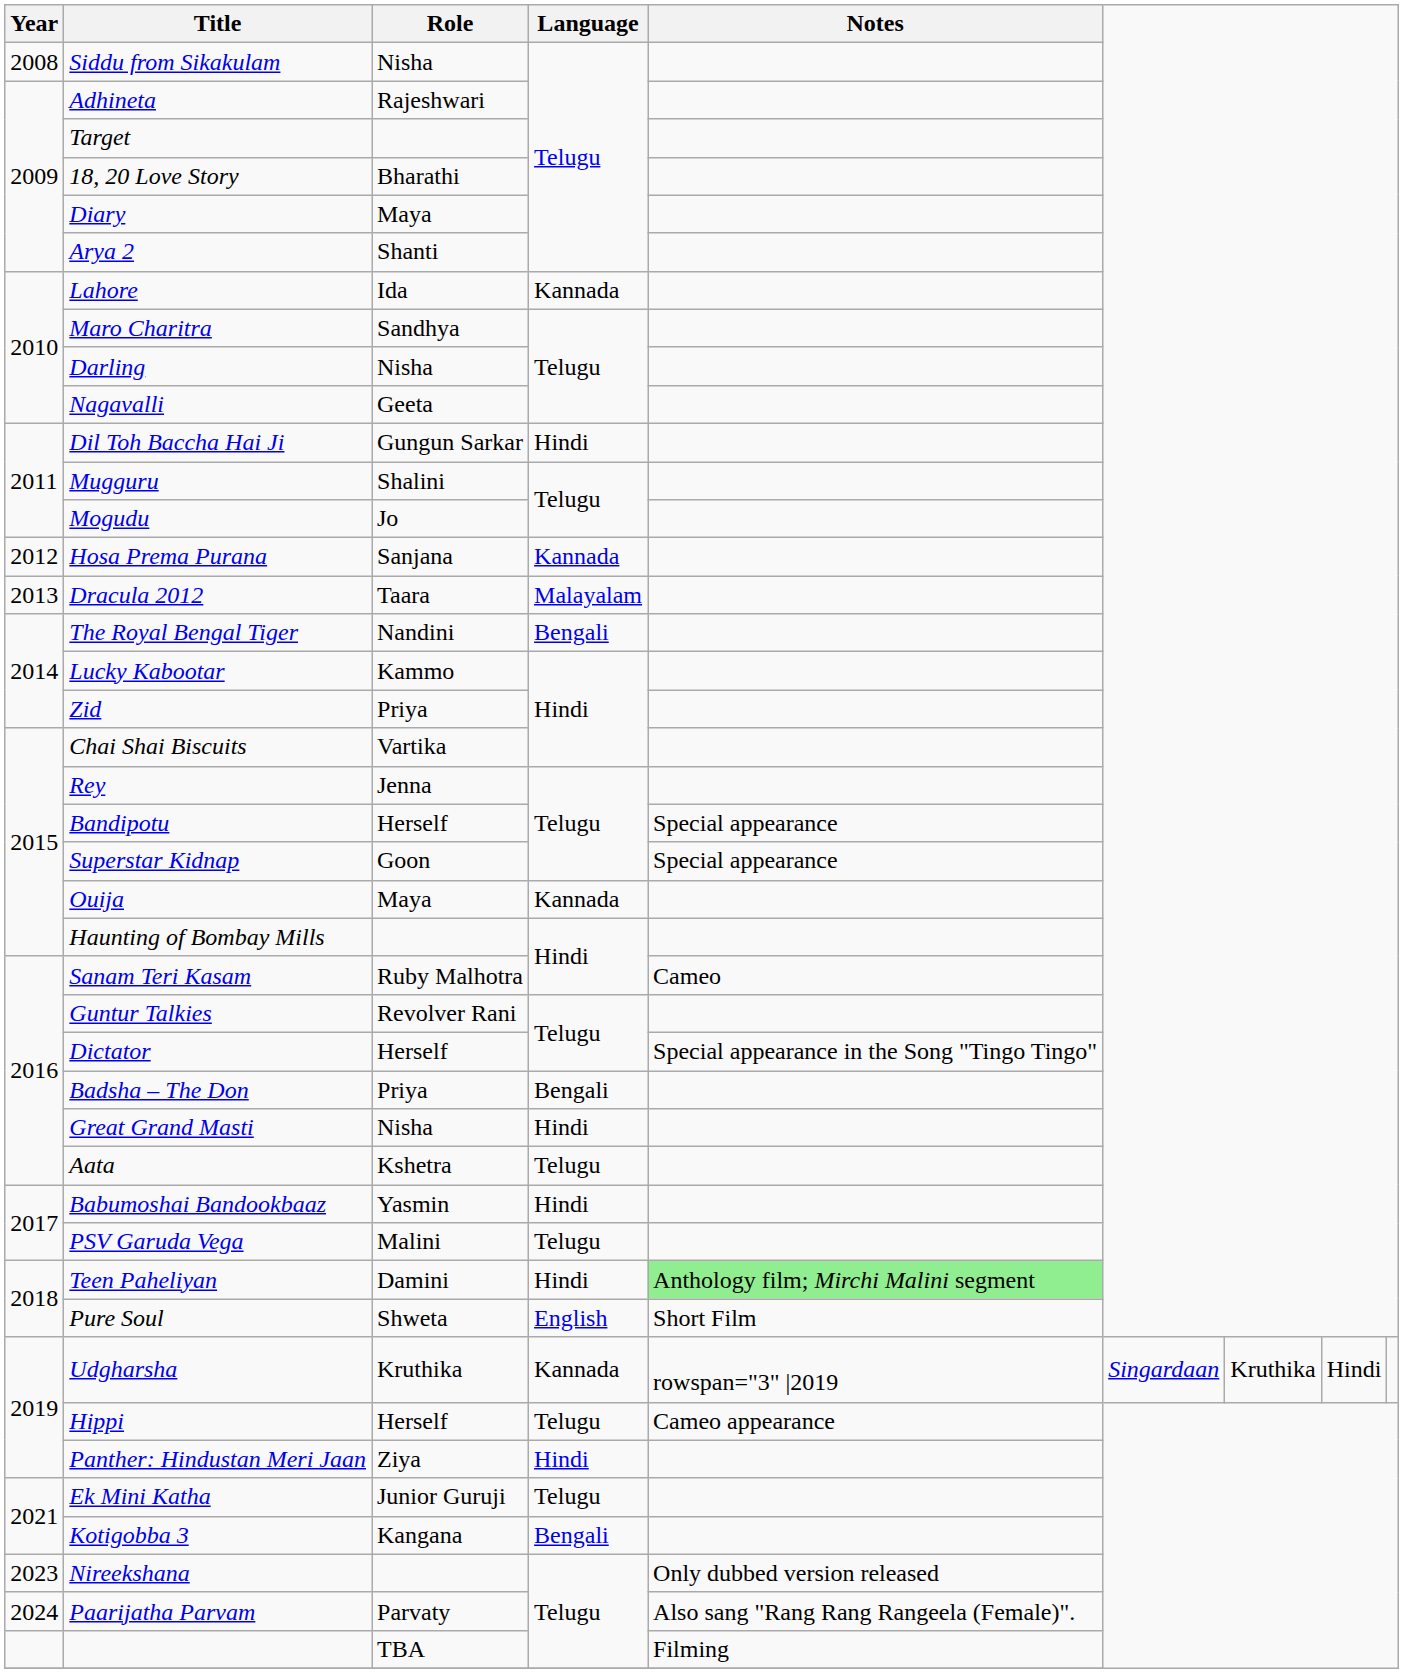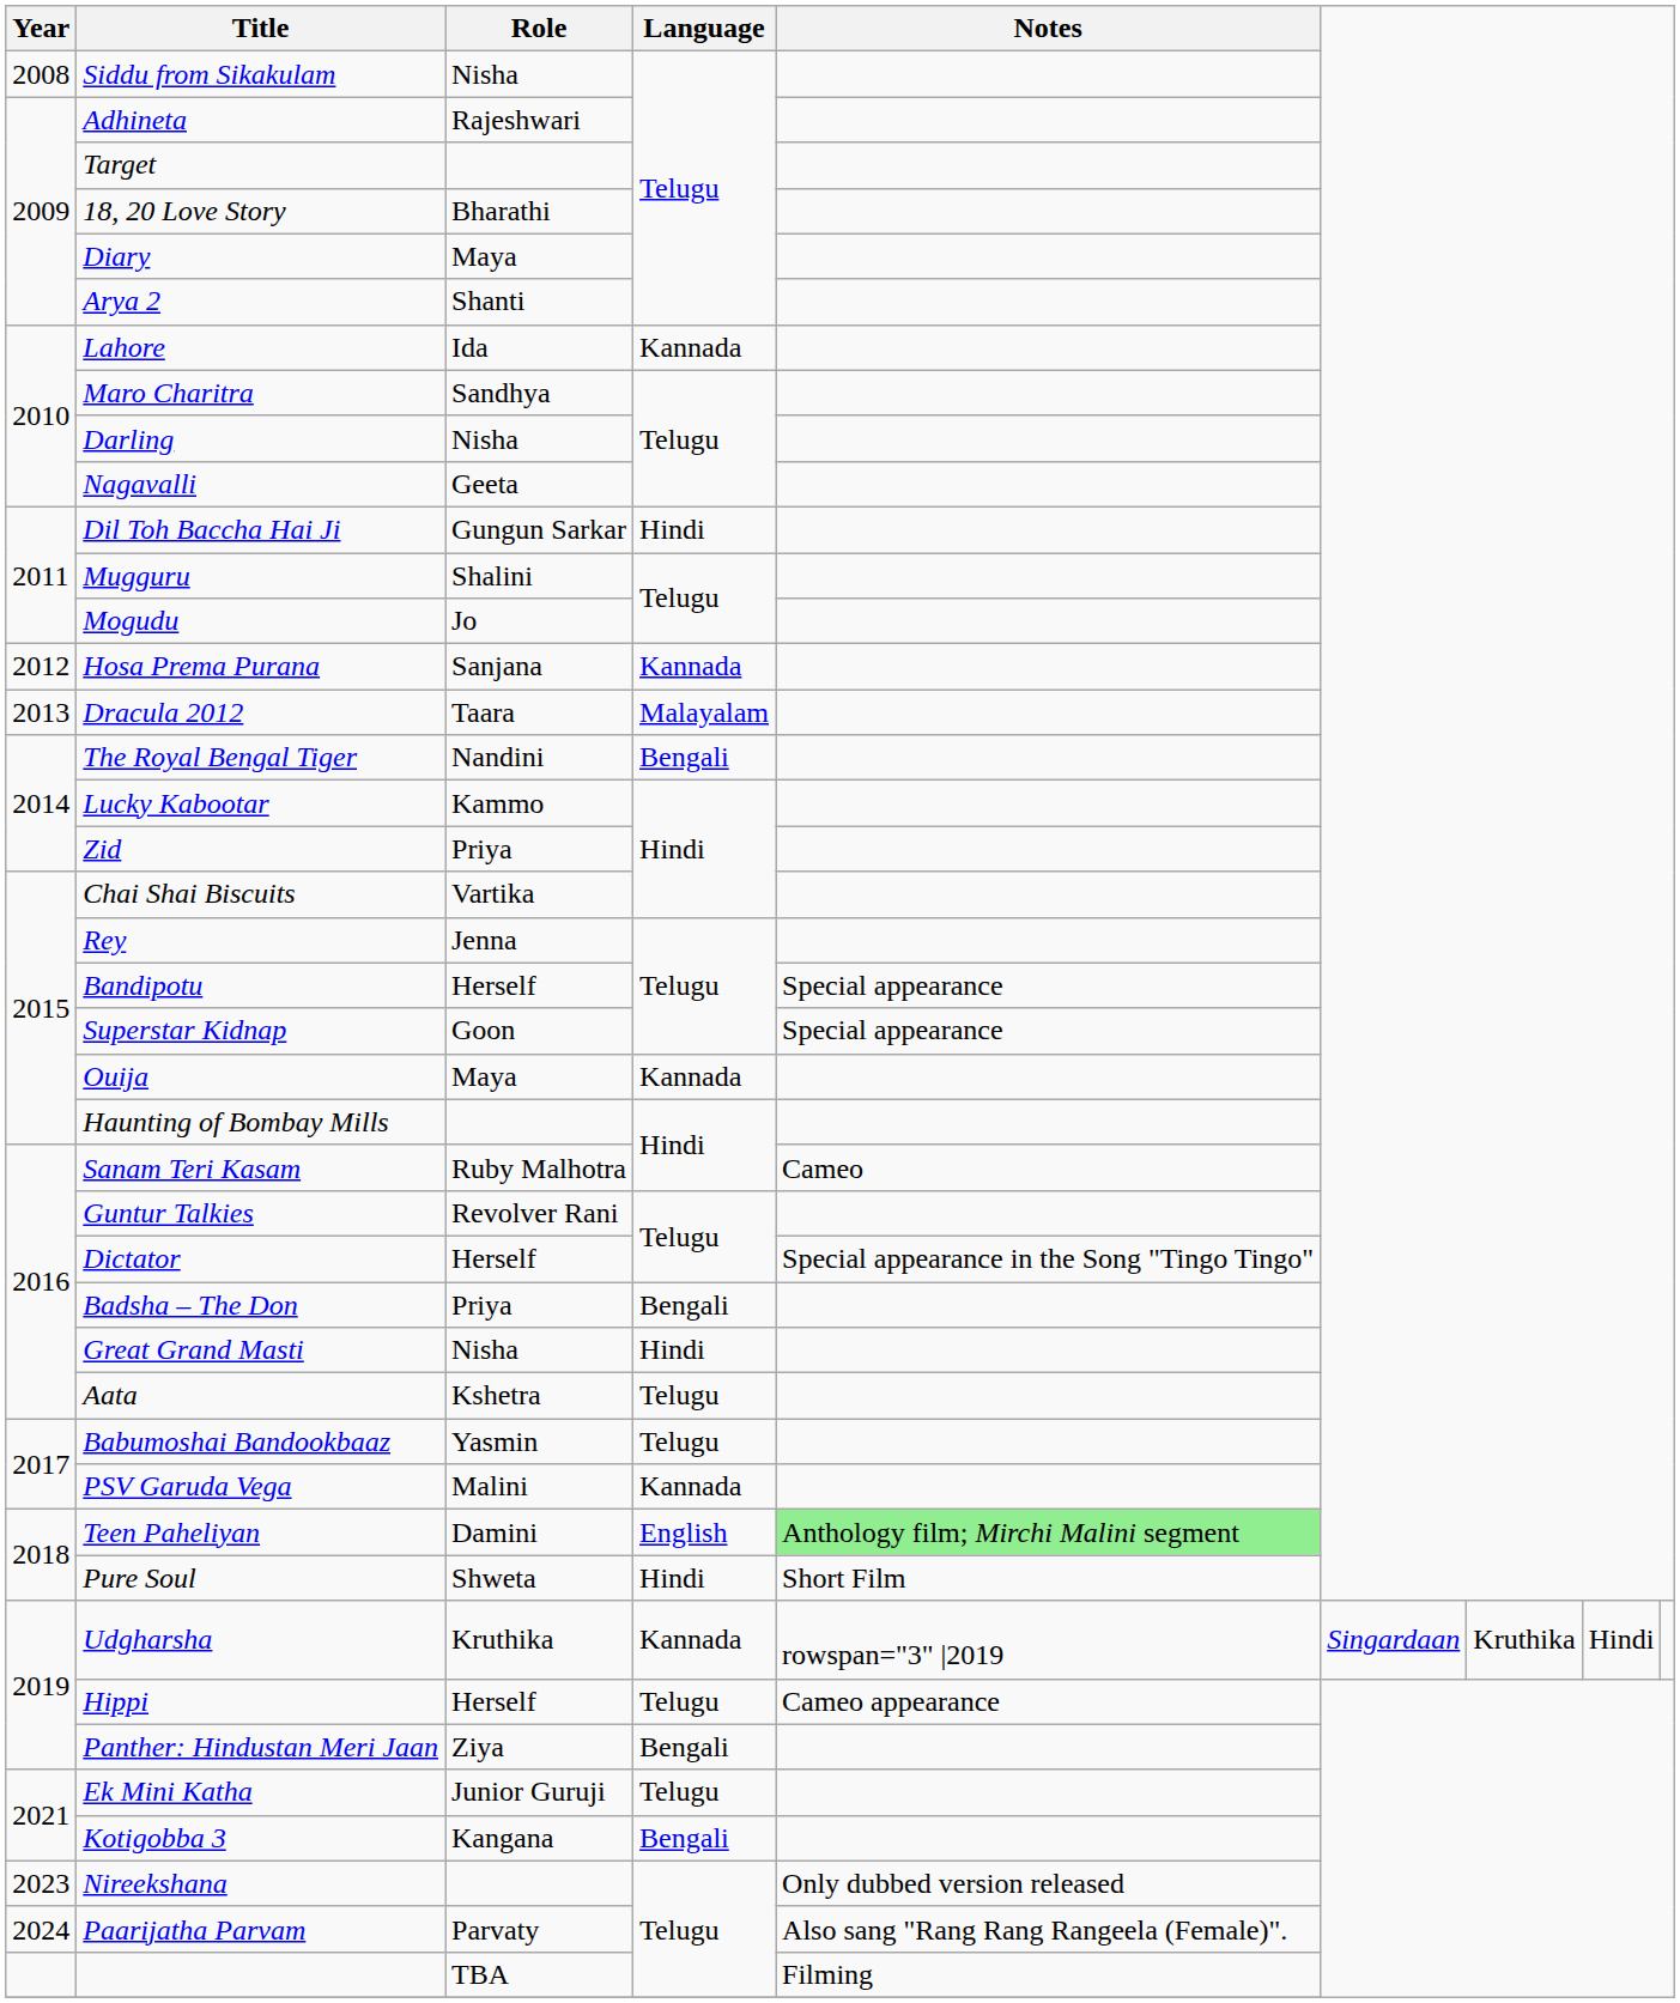 <table class="wikitable sortable">
 <tr>
 <th>Year</th>
 <th>Title</th>
 <th>Role</th>
 <th>Language</th>
 <th>Notes</th>
 </tr>
 <tr>
 <td>2008</td>
 <td><em><a href='#'>Siddu from Sikakulam</a></em></td>
 <td>Nisha</td>
 <td rowspan="6"><a href='#'>Telugu</a></td>
 <td></td>
 </tr>
 <tr>
 <td rowspan="5">2009</td>
 <td><em><a href='#'>Adhineta</a></em></td>
 <td>Rajeshwari</td>
 <td></td>
 </tr>
 <tr>
 <td><em>Target</em></td>
 <td></td>
 <td></td>
 </tr>
 <tr>
 <td><em>18, 20 Love Story</em></td>
 <td>Bharathi</td>
 <td></td>
 </tr>
 <tr>
 <td><em><a href='#'>Diary</a></em></td>
 <td>Maya</td>
 <td></td>
 </tr>
 <tr>
 <td><em><a href='#'>Arya 2</a></em></td>
 <td>Shanti</td>
 <td></td>
 </tr>
 <tr>
 <td rowspan="4">2010</td>
 <td><em><a href='#'>Lahore</a></em></td>
 <td>Ida</td>
 <td>Kannada</td>
 <td></td>
 </tr>
 <tr>
 <td><em><a href='#'>Maro Charitra</a></em></td>
 <td>Sandhya</td>
 <td rowspan="3">Telugu</td>
 <td></td>
 </tr>
 <tr>
 <td><em><a href='#'>Darling</a></em></td>
 <td>Nisha</td>
 <td></td>
 </tr>
 <tr>
 <td><em><a href='#'>Nagavalli</a></em></td>
 <td>Geeta</td>
 <td></td>
 </tr>
 <tr>
 <td rowspan="3">2011</td>
 <td><em><a href='#'>Dil Toh Baccha Hai Ji</a></em></td>
 <td>Gungun Sarkar</td>
 <td>Hindi</td>
 <td></td>
 </tr>
 <tr>
 <td><em><a href='#'>Mugguru</a></em></td>
 <td>Shalini</td>
 <td rowspan="2">Telugu</td>
 <td></td>
 </tr>
 <tr>
 <td><em><a href='#'>Mogudu</a></em></td>
 <td>Jo</td>
 <td></td>
 </tr>
 <tr>
 <td rowspan="1">2012</td>
 <td><em><a href='#'>Hosa Prema Purana</a></em></td>
 <td>Sanjana</td>
 <td><a href='#'>Kannada</a></td>
 <td></td>
 </tr>
 <tr>
 <td>2013</td>
 <td><em><a href='#'>Dracula 2012</a></em></td>
 <td>Taara</td>
 <td><a href='#'>Malayalam</a></td>
 <td></td>
 </tr>
 <tr>
 <td rowspan="3">2014</td>
 <td><em><a href='#'>The Royal Bengal Tiger</a></em></td>
 <td>Nandini</td>
 <td><a href='#'>Bengali</a></td>
 <td></td>
 </tr>
 <tr>
 <td><em><a href='#'>Lucky Kabootar</a></em></td>
 <td>Kammo</td>
 <td rowspan="3">Hindi</td>
 <td></td>
 </tr>
 <tr>
 <td><em><a href='#'>Zid</a></em></td>
 <td>Priya</td>
 <td></td>
 </tr>
 <tr>
 <td rowspan="6">2015</td>
 <td><em>Chai Shai Biscuits</em></td>
 <td>Vartika</td>
 <td></td>
 </tr>
 <tr>
 <td><em><a href='#'>Rey</a></em></td>
 <td>Jenna</td>
 <td rowspan="3">Telugu</td>
 <td></td>
 </tr>
 <tr>
 <td><em><a href='#'>Bandipotu</a></em></td>
 <td>Herself</td>
 <td>Special appearance</td>
 </tr>
 <tr>
 <td><em><a href='#'>Superstar Kidnap</a></em></td>
 <td>Goon</td>
 <td>Special appearance</td>
 </tr>
 <tr>
 <td><em><a href='#'>Ouija</a></em></td>
 <td>Maya</td>
 <td>Kannada</td>
 <td></td>
 </tr>
 <tr>
 <td><em>Haunting of Bombay Mills</em></td>
 <td></td>
 <td rowspan="2">Hindi</td>
 <td></td>
 </tr>
 <tr>
 <td rowspan="6">2016</td>
 <td><em><a href='#'>Sanam Teri Kasam</a></em></td>
 <td>Ruby Malhotra</td>
 <td>Cameo</td>
 </tr>
 <tr>
 <td><em><a href='#'>Guntur Talkies</a></em></td>
 <td>Revolver Rani</td>
 <td rowspan="2">Telugu</td>
 <td></td>
 </tr>
 <tr>
 <td><em><a href='#'>Dictator</a></em></td>
 <td>Herself</td>
 <td>Special appearance in the  Song "Tingo Tingo"</td>
 </tr>
 <tr>
 <td><a href='#'><em>Badsha – The Don</em></a></td>
 <td>Priya</td>
 <td>Bengali</td>
 <td></td>
 </tr>
 <tr>
 <td><em><a href='#'>Great Grand Masti</a></em></td>
 <td>Nisha</td>
 <td>Hindi</td>
 <td></td>
 </tr>
 <tr>
 <td><em>Aata</em></td>
 <td>Kshetra</td>
 <td>Telugu</td>
 <td></td>
 </tr>
 <tr>
 <td rowspan="2">2017</td>
 <td><em><a href='#'>Babumoshai Bandookbaaz</a></em></td>
 <td>Yasmin</td>
-<td>Hindi</td>
+<td>Telugu</td>
 <td></td>
 </tr>
 <tr>
 <td><em><a href='#'>PSV Garuda Vega</a></em></td>
 <td>Malini</td>
-<td>Telugu</td>
+<td>Kannada</td>
 <td></td>
 </tr>
 <tr>
 <td rowspan="2">2018</td>
 <td><em><a href='#'>Teen Paheliyan</a></em></td>
 <td>Damini</td>
-<td>Hindi</td>
+<td><a href='#'>English</a></td>
 <td style="background: lightgreen;">Anthology film; <em>Mirchi Malini</em> segment</td>
 </tr>
 <tr>
 <td><em>Pure Soul</em></td>
 <td>Shweta</td>
-<td><a href='#'>English</a></td>
+<td>Hindi</td>
 <td>Short Film</td>
 </tr>
 <tr>
 <td rowspan="3">2019</td>
 <td><em><a href='#'>Udgharsha</a></em></td>
 <td>Kruthika</td>
 <td>Kannada</td>
 <td><br>rowspan="3" |2019</td>
 <td><em><a href='#'>Singardaan</a></em></td>
 <td>Kruthika</td>
 <td>Hindi</td>
 <td></td>
 </tr>
 <tr>
 <td><em><a href='#'>Hippi</a></em></td>
 <td>Herself</td>
 <td>Telugu</td>
 <td>Cameo appearance</td>
 </tr>
 <tr>
 <td><em><a href='#'>Panther: Hindustan Meri Jaan</a></em></td>
 <td>Ziya</td>
-<td><a href='#'>Hindi</a></td>
+<td>Bengali</td>
 <td></td>
 </tr>
 <tr>
 <td rowspan="2">2021</td>
 <td><em><a href='#'>Ek Mini Katha</a></em></td>
 <td>Junior Guruji</td>
 <td>Telugu</td>
 <td></td>
 </tr>
 <tr>
 <td><em><a href='#'>Kotigobba 3</a></em></td>
 <td>Kangana</td>
 <td><a href='#'>Bengali</a></td>
 <td></td>
 </tr>
 <tr>
 <td>2023</td>
 <td><em><a href='#'>Nireekshana</a></em></td>
 <td></td>
 <td rowspan="3">Telugu</td>
 <td>Only dubbed version released</td>
 </tr>
 <tr>
 <td>2024</td>
 <td><em><a href='#'>Paarijatha Parvam</a></em></td>
 <td>Parvaty</td>
 <td>Also sang "Rang Rang Rangeela (Female)".</td>
 </tr>
 <tr>
 <td></td>
 <td></td>
 <td>TBA</td>
 <td>Filming</td>
 </tr>
 <tr>
 </tr>
 </table>
